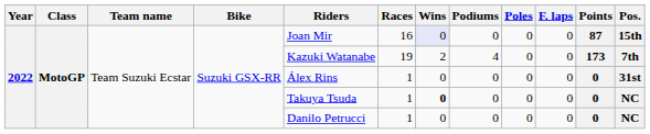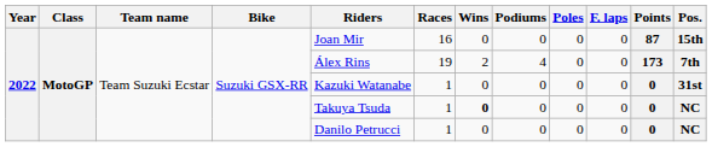 <table class="wikitable" style="text-align:right; font-size:95%">
 <tr>
 <th scope="col">Year</th>
 <th scope="col">Class</th>
 <th scope="col">Team name</th>
 <th scope="col">Bike</th>
 <th scope="col">Riders</th>
 <th scope="col">Races</th>
 <th scope="col">Wins</th>
 <th scope="col">Podiums</th>
 <th scope="col"><a href='#'>Poles</a></th>
 <th scope="col"><a href='#'>F. laps</a></th>
 <th scope="col">Points</th>
 <th scope="col">Pos.</th>
 </tr>
 <tr>
 <th rowspan="5"><a href='#'>2022</a></th>
 <th rowspan="5">MotoGP</th>
 <td rowspan="5">Team Suzuki Ecstar</td>
 <td rowspan="5" align="left"><a href='#'>Suzuki GSX-RR</a></td>
 <td align="left"> <a href='#'>Joan Mir</a></td>
 <td>16</td>
-<td style="background: lavender;">0</td>
+<td>0</td>
 <td>0</td>
 <td>0</td>
 <td>0</td>
 <th>87</th>
 <th>15th</th>
 </tr>
 <tr>
-<td align="left"> <a href='#'>Kazuki Watanabe</a></td>
+<td align="left"> <a href='#'>Álex Rins</a></td>
 <td>19</td>
 <td>2</td>
 <td>4</td>
 <td>0</td>
 <td>0</td>
 <th>173</th>
 <th>7th</th>
 </tr>
 <tr>
-<td align="left"> <a href='#'>Álex Rins</a></td>
+<td align="left"> <a href='#'>Kazuki Watanabe</a></td>
 <td>1</td>
 <td>0</td>
 <td>0</td>
 <td>0</td>
 <td>0</td>
 <th>0</th>
 <th>31st</th>
 </tr>
 <tr>
 <td align="left"> <a href='#'>Takuya Tsuda</a></td>
 <td>1</td>
 <td><strong>0</strong></td>
 <td>0</td>
 <td>0</td>
 <td>0</td>
 <th>0</th>
 <th>NC</th>
 </tr>
 <tr>
 <td align="left"> <a href='#'>Danilo Petrucci</a></td>
 <td>1</td>
 <td>0</td>
 <td>0</td>
 <td>0</td>
 <td>0</td>
 <th>0</th>
 <th>NC</th>
 </tr>
 </table>
